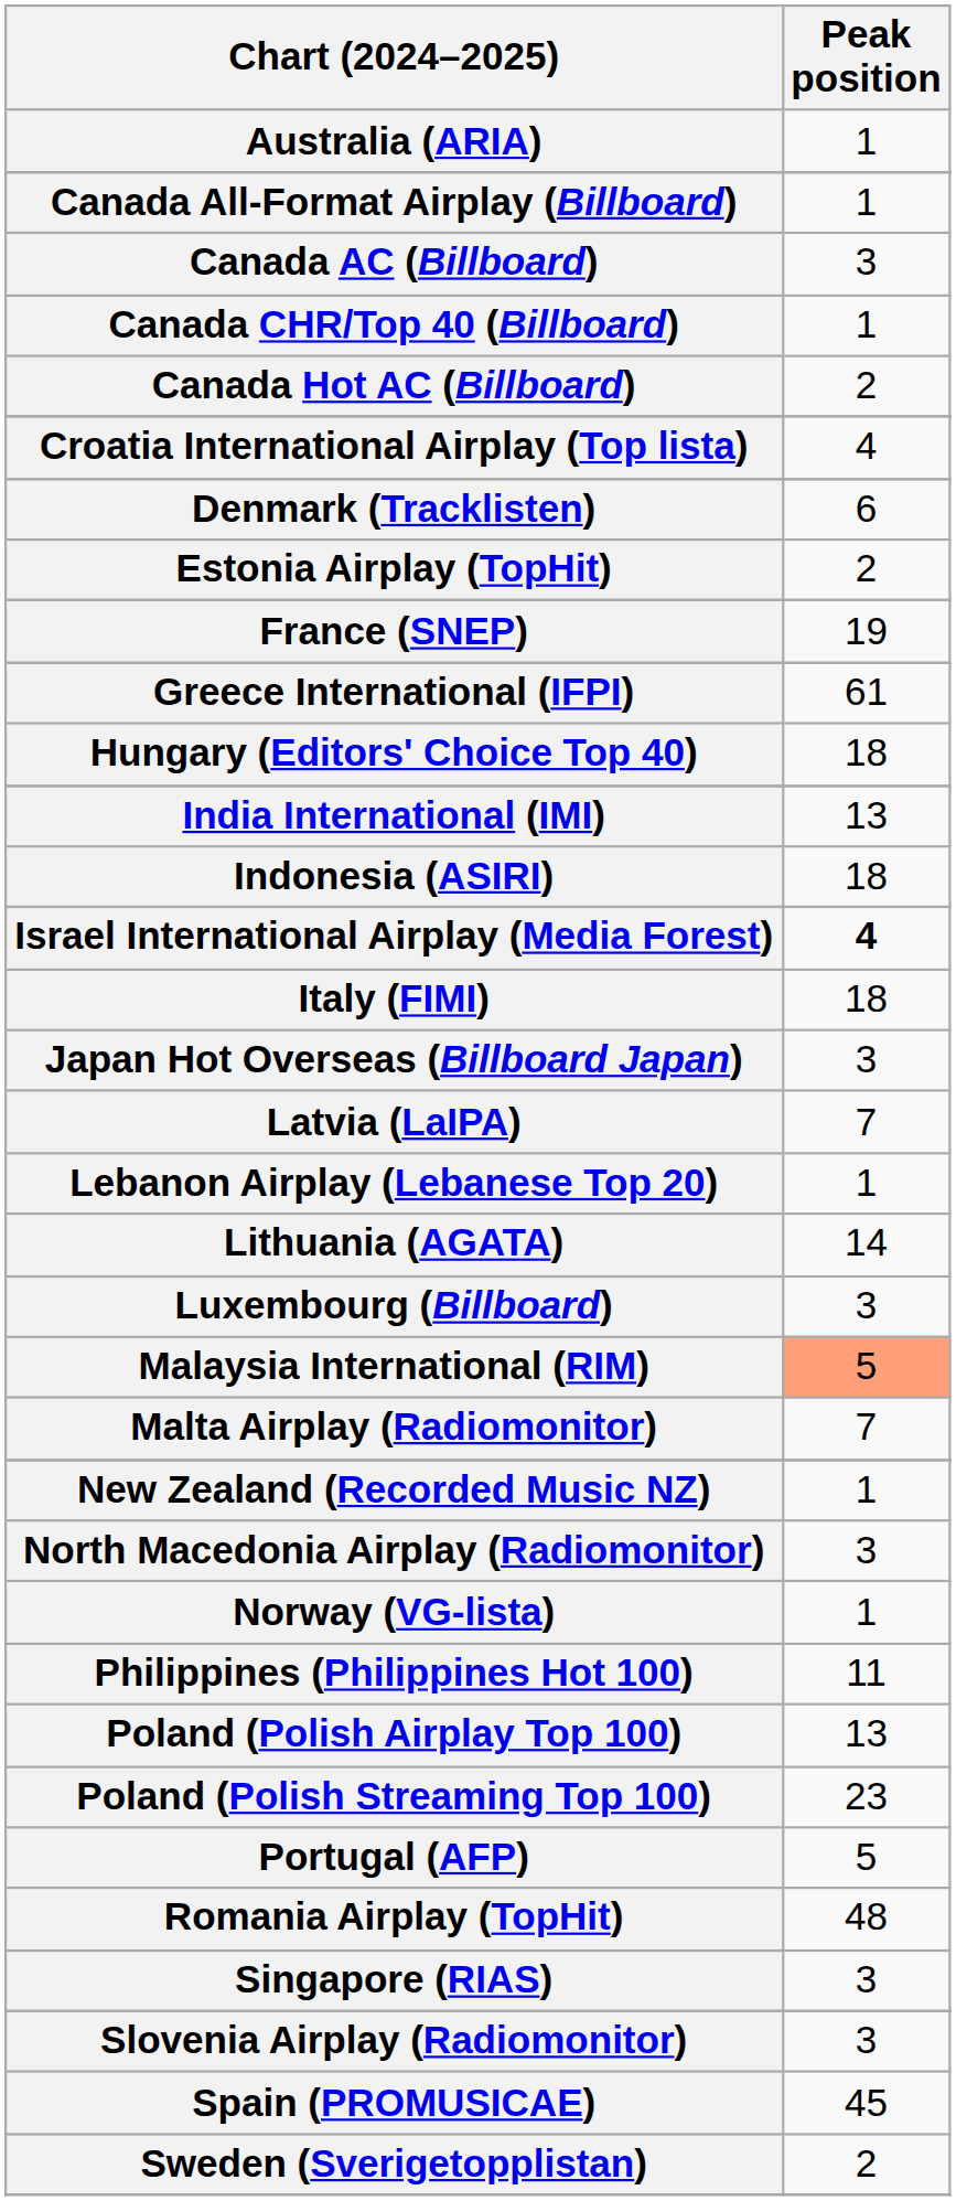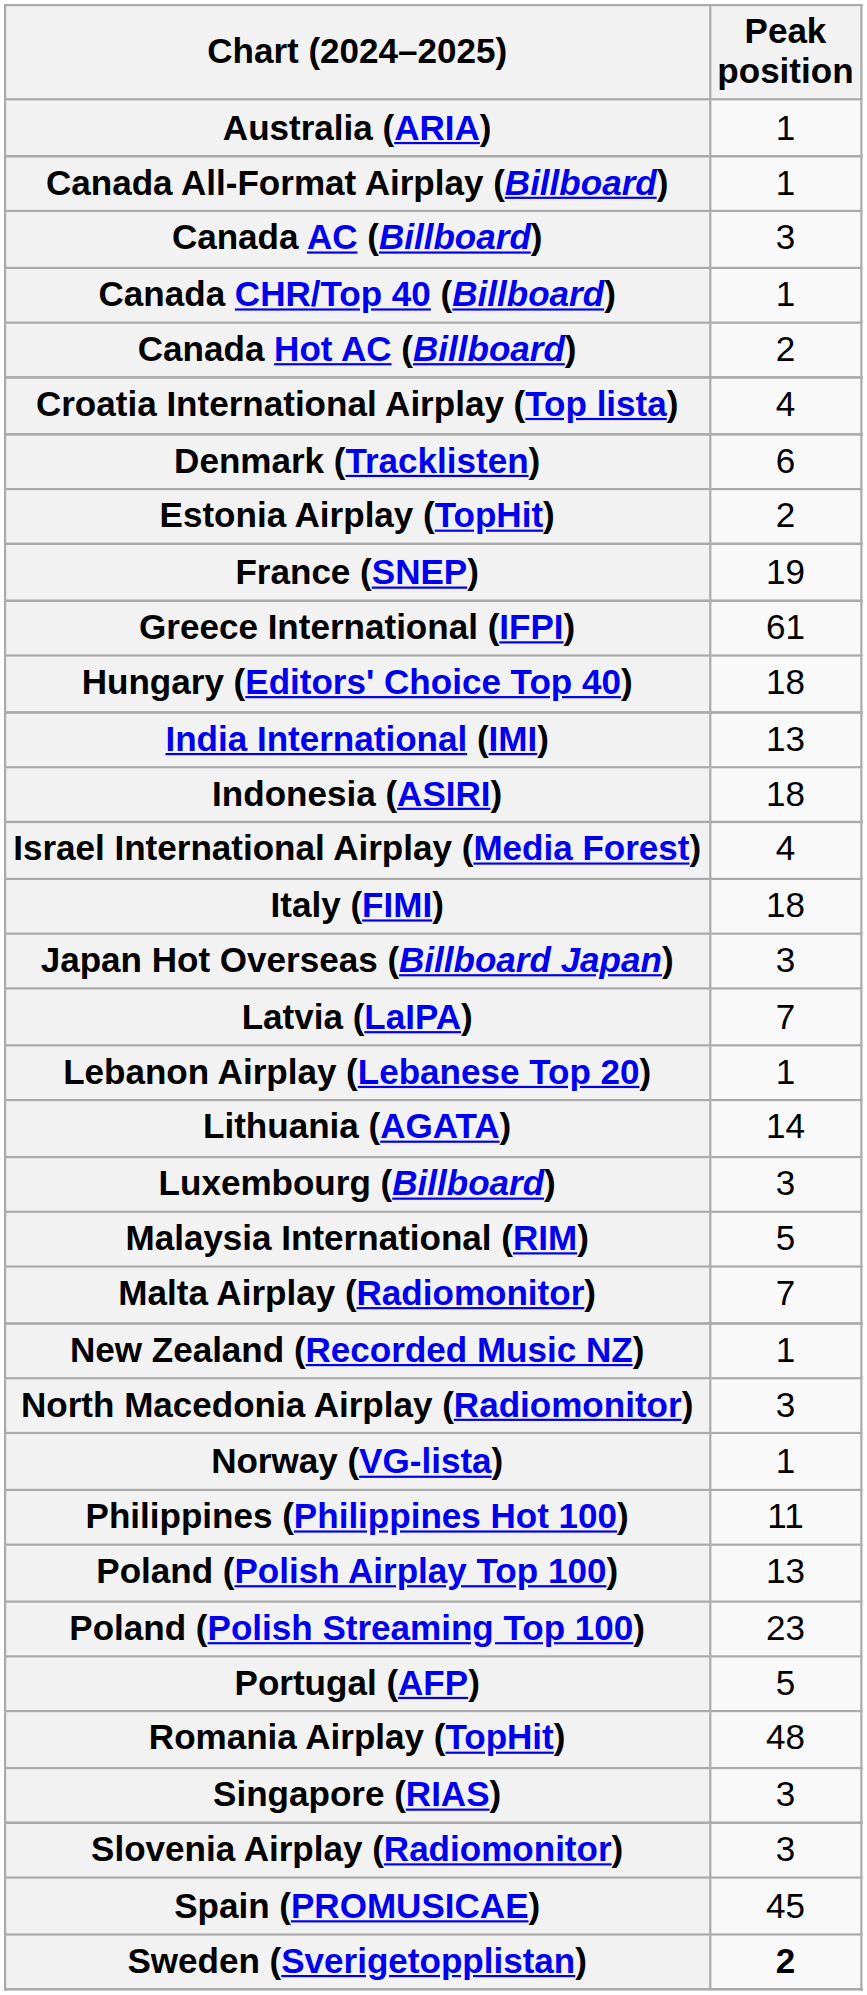 <table class="wikitable sortable plainrowheaders" style="text-align:center">
 <tr>
 <th scope="col">Chart (2024–2025)</th>
 <th scope="col">Peak<br>position</th>
 </tr>
 <tr>
 <th scope="row">Australia (<a href='#'>ARIA</a>)</th>
 <td>1</td>
 </tr>
 <tr>
 </tr>
 <tr>
 </tr>
 <tr>
 </tr>
 <tr>
 </tr>
 <tr>
 <th scope="row">Canada All-Format Airplay (<em><a href='#'>Billboard</a></em>)</th>
 <td>1</td>
 </tr>
 <tr>
 <th scope="row">Canada <a href='#'>AC</a> (<em><a href='#'>Billboard</a></em>)</th>
 <td>3</td>
 </tr>
 <tr>
 <th scope="row">Canada <a href='#'>CHR/Top 40</a> (<em><a href='#'>Billboard</a></em>)</th>
 <td>1</td>
 </tr>
 <tr>
 <th scope="row">Canada <a href='#'>Hot AC</a> (<em><a href='#'>Billboard</a></em>)</th>
 <td>2</td>
 </tr>
 <tr>
 </tr>
 <tr>
 <th scope="row">Croatia International Airplay (<a href='#'>Top lista</a>)</th>
 <td>4</td>
 </tr>
 <tr>
 </tr>
 <tr>
 </tr>
 <tr>
 <th scope="row">Denmark (<a href='#'>Tracklisten</a>)</th>
 <td>6</td>
 </tr>
 <tr>
 <th scope="row">Estonia Airplay (<a href='#'>TopHit</a>)</th>
 <td>2</td>
 </tr>
 <tr>
 </tr>
 <tr>
 <th scope="row">France (<a href='#'>SNEP</a>)</th>
 <td>19</td>
 </tr>
 <tr>
 </tr>
 <tr>
 </tr>
 <tr>
 <th scope="row">Greece International (<a href='#'>IFPI</a>)</th>
 <td>61</td>
 </tr>
 <tr>
 <th scope="row">Hungary (<a href='#'>Editors' Choice Top 40</a>)</th>
 <td>18</td>
 </tr>
 <tr>
 </tr>
 <tr>
 <th scope="row"><a href='#'>India International</a> (<a href='#'>IMI</a>)</th>
 <td>13</td>
 </tr>
 <tr>
 <th scope="row">Indonesia (<a href='#'>ASIRI</a>)</th>
 <td>18</td>
 </tr>
 <tr>
 </tr>
 <tr>
 <th scope="row">Israel International Airplay (<a href='#'>Media Forest</a>)</th>
-<td><strong>4</strong></td>
+<td>4</td>
 </tr>
 <tr>
 <th scope="row">Italy (<a href='#'>FIMI</a>)</th>
 <td>18</td>
 </tr>
 <tr>
 <th scope="row">Japan Hot Overseas (<em><a href='#'>Billboard Japan</a></em>)</th>
 <td>3</td>
 </tr>
 <tr>
 <th scope="row">Latvia (<a href='#'>LaIPA</a>)</th>
 <td>7</td>
 </tr>
 <tr>
 <th scope="row">Lebanon Airplay (<a href='#'>Lebanese Top 20</a>)</th>
 <td>1</td>
 </tr>
 <tr>
 <th scope="row">Lithuania (<a href='#'>AGATA</a>)</th>
 <td>14</td>
 </tr>
 <tr>
 <th scope="row">Luxembourg (<em><a href='#'>Billboard</a></em>)</th>
 <td>3</td>
 </tr>
 <tr>
 <th scope="row">Malaysia International (<a href='#'>RIM</a>)</th>
-<td style="background: lightsalmon;">5</td>
+<td>5</td>
 </tr>
 <tr>
 <th scope="row">Malta Airplay (<a href='#'>Radiomonitor</a>)</th>
 <td>7</td>
 </tr>
 <tr>
 </tr>
 <tr>
 </tr>
 <tr>
 <th scope="row">New Zealand (<a href='#'>Recorded Music NZ</a>)</th>
 <td>1</td>
 </tr>
 <tr>
 <th scope="row">North Macedonia Airplay (<a href='#'>Radiomonitor</a>)</th>
 <td>3</td>
 </tr>
 <tr>
 <th scope="row">Norway (<a href='#'>VG-lista</a>)</th>
 <td>1</td>
 </tr>
 <tr>
 <th scope="row">Philippines (<a href='#'>Philippines Hot 100</a>)</th>
 <td>11</td>
 </tr>
 <tr>
 <th scope="row">Poland (<a href='#'>Polish Airplay Top 100</a>)</th>
 <td>13</td>
 </tr>
 <tr>
 <th scope="row">Poland (<a href='#'>Polish Streaming Top 100</a>)</th>
 <td>23</td>
 </tr>
 <tr>
 <th scope="row">Portugal (<a href='#'>AFP</a>)</th>
 <td>5</td>
 </tr>
 <tr>
 <th scope="row">Romania Airplay (<a href='#'>TopHit</a>)</th>
 <td>48</td>
 </tr>
 <tr>
 <th scope="row">Singapore (<a href='#'>RIAS</a>)</th>
 <td>3</td>
 </tr>
 <tr>
 </tr>
 <tr>
 </tr>
 <tr>
 <th scope="row">Slovenia Airplay (<a href='#'>Radiomonitor</a>)</th>
 <td>3</td>
 </tr>
 <tr>
 <th scope="row">Spain (<a href='#'>PROMUSICAE</a>)</th>
 <td>45</td>
 </tr>
 <tr>
 <th scope="row">Sweden (<a href='#'>Sverigetopplistan</a>)</th>
-<td>2</td>
+<td><strong>2</strong></td>
 </tr>
 <tr>
 </tr>
 <tr>
 </tr>
 <tr>
 </tr>
 <tr>
 </tr>
 <tr>
 </tr>
 <tr>
 </tr>
 <tr>
 </tr>
 </table>
